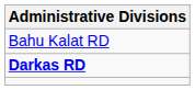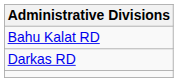 <table class="wikitable">
 <tr>
 <th>Administrative Divisions</th>
 </tr>
 <tr>
 <td><a href='#'>Bahu Kalat RD</a></td>
 </tr>
 <tr>
-<td><strong><a href='#'>Darkas RD</a></strong></td>
+<td><a href='#'>Darkas RD</a></td>
 </tr>
 <tr>
 <td colspan=1></td>
 </tr>
 </table>
